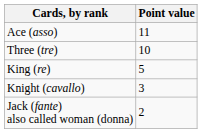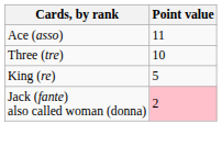 <table class="wikitable">
 <tr>
 <th>Cards, by rank</th>
 <th>Point value</th>
 </tr>
 <tr>
 <td>Ace (<em>asso</em>)</td>
 <td>11</td>
 </tr>
 <tr>
 <td>Three (<em>tre</em>)</td>
 <td>10</td>
 </tr>
 <tr>
 <td>King (<em>re</em>)</td>
 <td>5</td>
 </tr>
 <tr>
-<td>Knight (<em>cavallo</em>)</td>
-<td>3</td>
-</tr>
-<tr>
 <td>Jack (<em>fante</em>)<br>also called woman (donna)</td>
-<td>2</td>
+<td style="background: pink;">2</td>
 </tr>
 </table>
